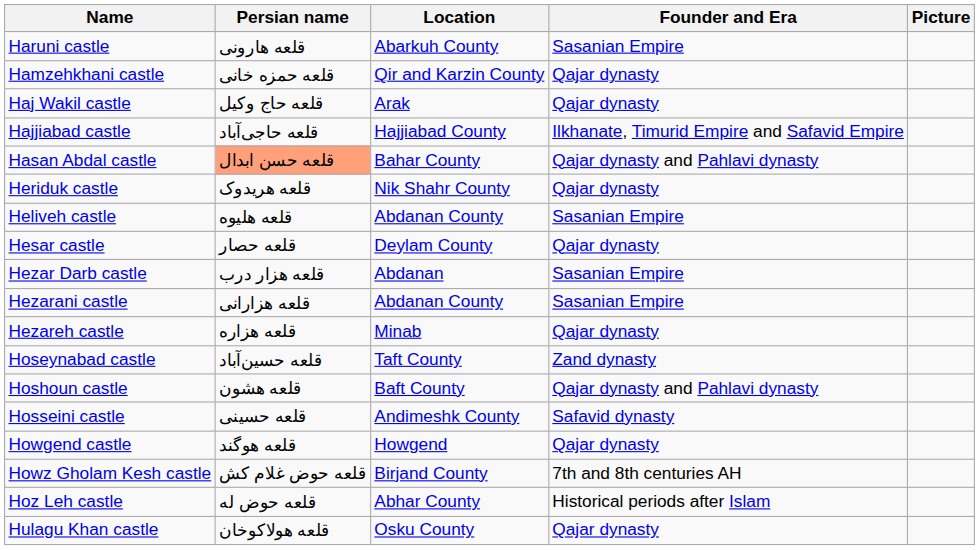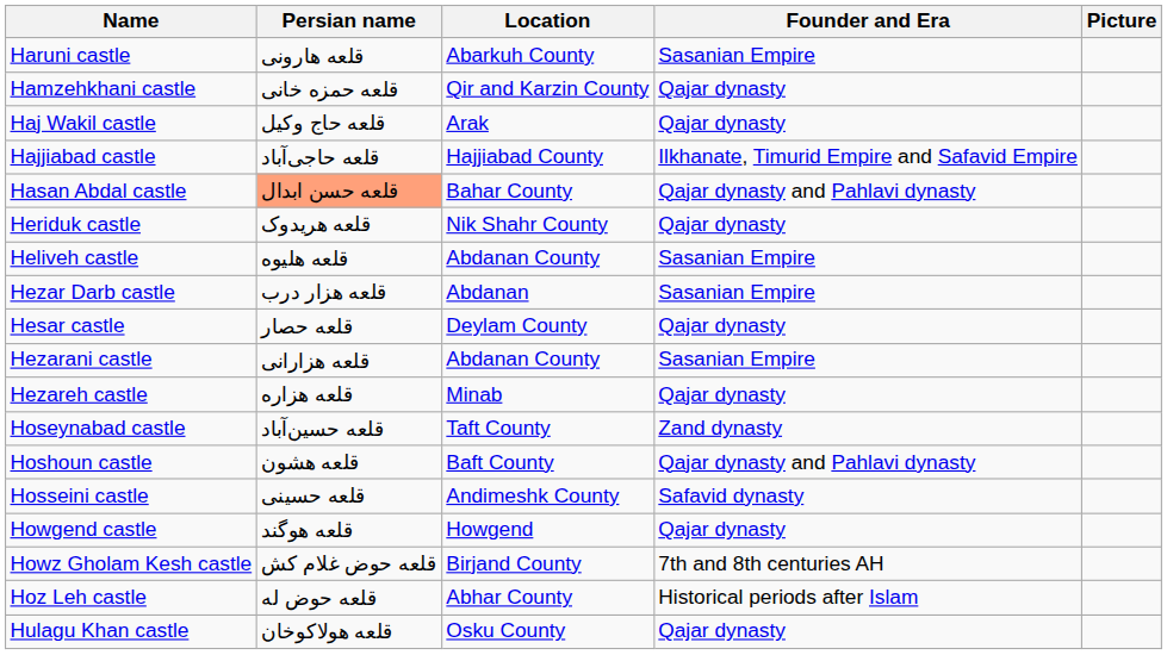 <table class="wikitable">
 <tr>
 <th>Name</th>
 <th>Persian name</th>
 <th>Location</th>
 <th>Founder and Era</th>
 <th>Picture</th>
 </tr>
 <tr>
 <td><a href='#'>Haruni castle</a></td>
 <td>قلعه هارونی</td>
 <td><a href='#'>Abarkuh County</a></td>
 <td><a href='#'>Sasanian Empire</a></td>
 <td></td>
 </tr>
 <tr>
 <td><a href='#'>Hamzehkhani castle</a></td>
 <td>قلعه حمزه خانی</td>
 <td><a href='#'>Qir and Karzin County</a></td>
 <td><a href='#'>Qajar dynasty</a></td>
 <td></td>
 </tr>
 <tr>
 <td><a href='#'>Haj Wakil castle</a></td>
 <td>قلعه حاج وکیل</td>
 <td><a href='#'>Arak</a></td>
 <td><a href='#'>Qajar dynasty</a></td>
 <td></td>
 </tr>
 <tr>
 <td><a href='#'>Hajjiabad castle</a></td>
 <td>قلعه حاجی‌آباد</td>
 <td><a href='#'>Hajjiabad County</a></td>
 <td><a href='#'>Ilkhanate</a>, <a href='#'>Timurid Empire</a> and <a href='#'>Safavid Empire</a></td>
 <td></td>
 </tr>
 <tr>
 <td><a href='#'>Hasan Abdal castle</a></td>
 <td style="background: lightsalmon;">قلعه حسن ابدال</td>
 <td><a href='#'>Bahar County</a></td>
 <td><a href='#'>Qajar dynasty</a> and <a href='#'>Pahlavi dynasty</a></td>
 <td></td>
 </tr>
 <tr>
 <td><a href='#'>Heriduk castle</a></td>
 <td>قلعه هریدوک</td>
 <td><a href='#'>Nik Shahr County</a></td>
 <td><a href='#'>Qajar dynasty</a></td>
 <td align="center"></td>
 </tr>
 <tr>
 <td><a href='#'>Heliveh castle</a></td>
 <td>قلعه هلیوه</td>
 <td><a href='#'>Abdanan County</a></td>
 <td><a href='#'>Sasanian Empire</a></td>
 <td></td>
 </tr>
 <tr>
+<td><a href='#'>Hezar Darb castle</a></td>
+<td>قلعه هزار درب</td>
+<td><a href='#'>Abdanan</a></td>
+<td><a href='#'>Sasanian Empire</a></td>
+<td align="center"></td>
+</tr>
+<tr>
 <td><a href='#'>Hesar castle</a></td>
 <td>قلعه حصار</td>
 <td><a href='#'>Deylam County</a></td>
 <td><a href='#'>Qajar dynasty</a></td>
 <td></td>
-</tr>
-<tr>
-<td><a href='#'>Hezar Darb castle</a></td>
-<td>قلعه هزار درب</td>
-<td><a href='#'>Abdanan</a></td>
-<td><a href='#'>Sasanian Empire</a></td>
-<td align="center"></td>
 </tr>
 <tr>
 <td><a href='#'>Hezarani castle</a></td>
 <td>قلعه هزارانی</td>
 <td><a href='#'>Abdanan County</a></td>
 <td><a href='#'>Sasanian Empire</a></td>
 <td></td>
 </tr>
 <tr>
 <td><a href='#'>Hezareh castle</a></td>
 <td>قلعه هزاره</td>
 <td><a href='#'>Minab</a></td>
 <td><a href='#'>Qajar dynasty</a></td>
 <td align="center"></td>
 </tr>
 <tr>
 <td><a href='#'>Hoseynabad castle</a></td>
 <td>قلعه حسین‌آباد</td>
 <td><a href='#'>Taft County</a></td>
 <td><a href='#'>Zand dynasty</a></td>
 <td align="center"></td>
 </tr>
 <tr>
 <td><a href='#'>Hoshoun castle</a></td>
 <td>قلعه هشون</td>
 <td><a href='#'>Baft County</a></td>
 <td><a href='#'>Qajar dynasty</a> and <a href='#'>Pahlavi dynasty</a></td>
 <td align="center"></td>
 </tr>
 <tr>
 <td><a href='#'>Hosseini castle</a></td>
 <td>قلعه حسینی</td>
 <td><a href='#'>Andimeshk County</a></td>
 <td><a href='#'>Safavid dynasty</a></td>
 <td></td>
 </tr>
 <tr>
 <td><a href='#'>Howgend castle</a></td>
 <td>قلعه هوگند</td>
 <td><a href='#'>Howgend</a></td>
 <td><a href='#'>Qajar dynasty</a></td>
 <td></td>
 </tr>
 <tr>
 <td><a href='#'>Howz Gholam Kesh castle</a></td>
 <td>قلعه حوض غلام کش</td>
 <td><a href='#'>Birjand County</a></td>
 <td>7th and 8th centuries AH</td>
 <td></td>
 </tr>
 <tr>
 <td><a href='#'>Hoz Leh castle</a></td>
 <td>قلعه حوض له</td>
 <td><a href='#'>Abhar County</a></td>
 <td>Historical periods after <a href='#'>Islam</a></td>
 <td></td>
 </tr>
 <tr>
 <td><a href='#'>Hulagu Khan castle</a></td>
 <td>قلعه هولاکوخان</td>
 <td><a href='#'>Osku County</a></td>
 <td><a href='#'>Qajar dynasty</a></td>
 <td align="center"></td>
 </tr>
 </table>
